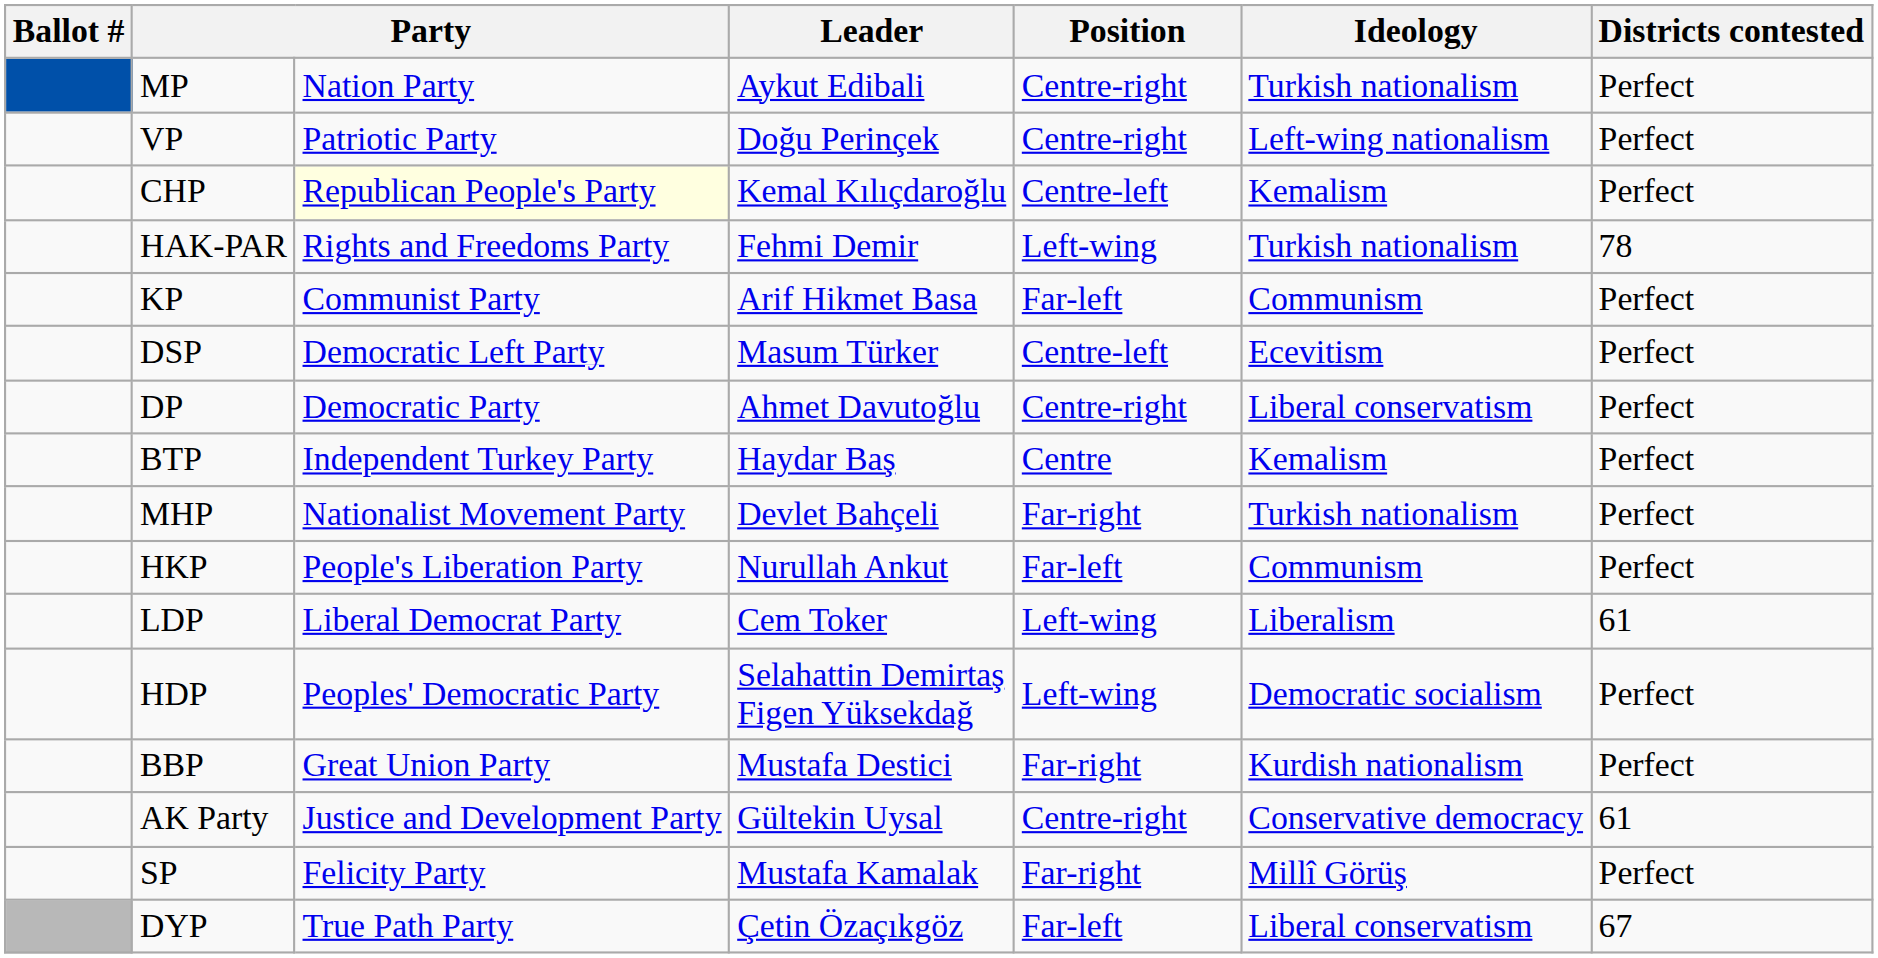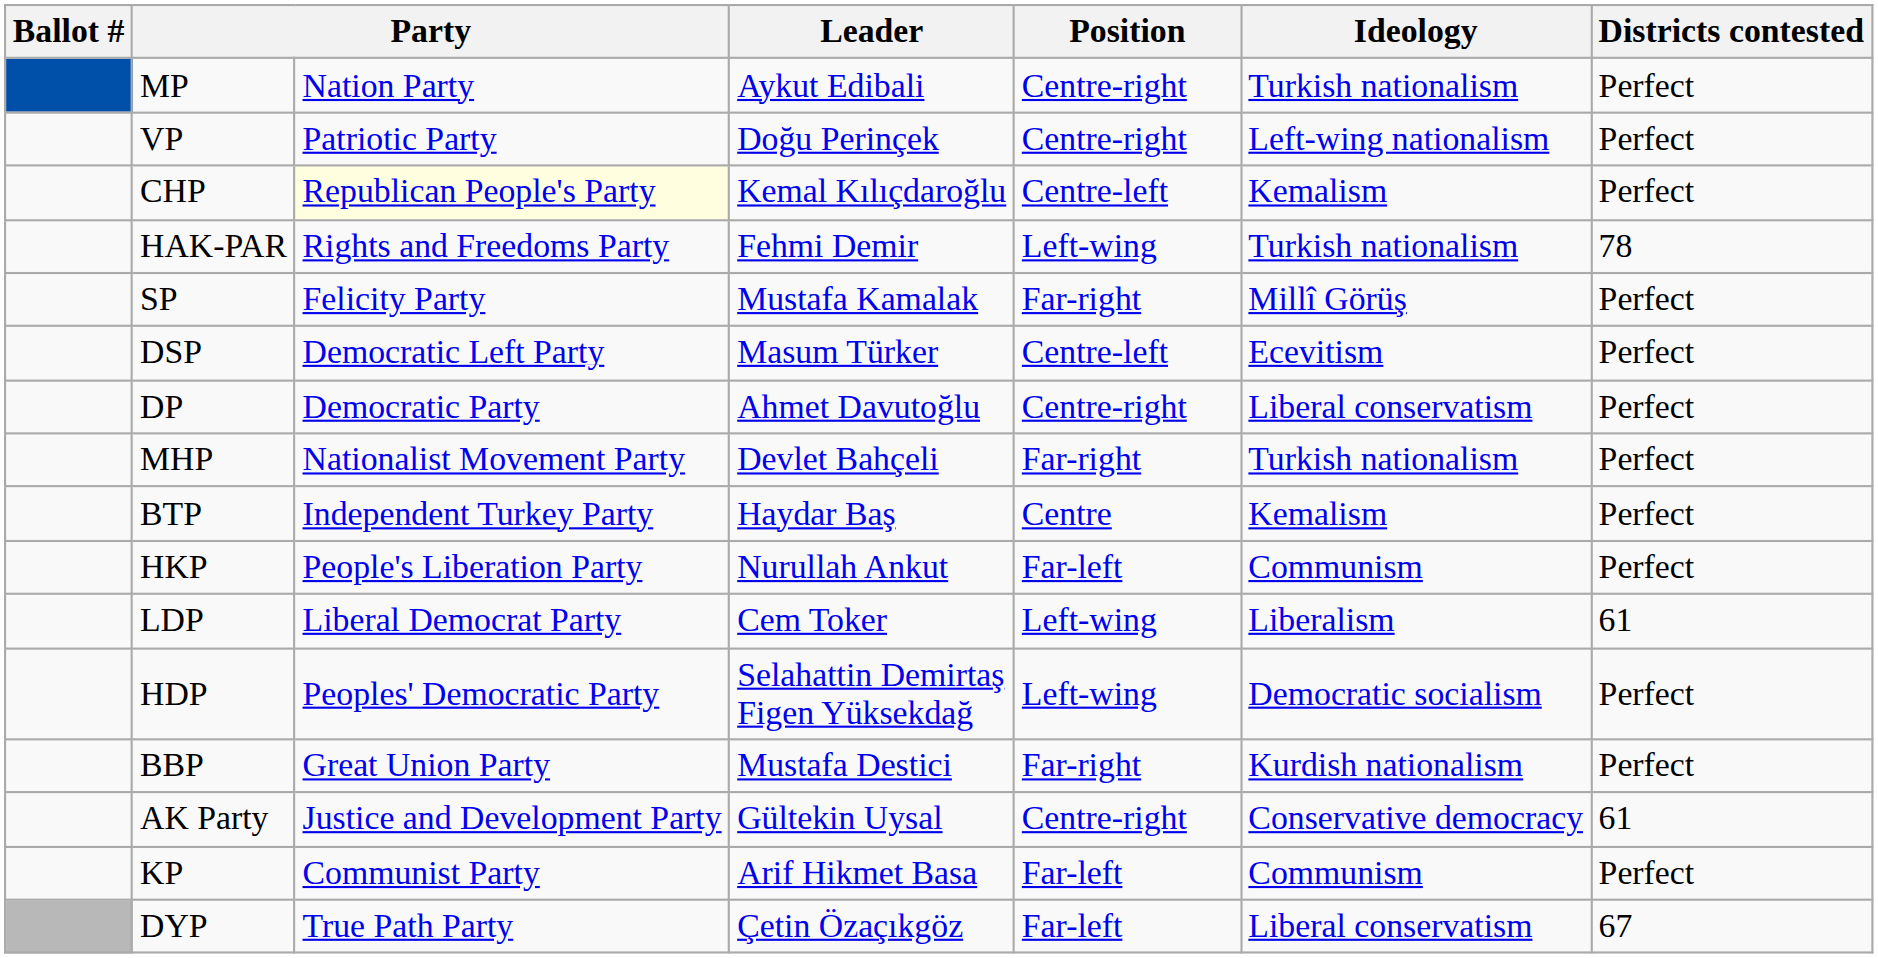 <table class="wikitable">
 <tr>
 <th>Ballot #</th>
 <th colspan="2">Party</th>
 <th>Leader</th>
 <th style="width:100px;">Position</th>
 <th>Ideology</th>
 <th>Districts contested</th>
 </tr>
 <tr>
 <td style="background: #0050A9"></td>
 <td>MP</td>
 <td><a href='#'>Nation Party</a></td>
 <td><a href='#'>Aykut Edibali</a></td>
 <td><a href='#'>Centre-right</a></td>
 <td><a href='#'>Turkish nationalism</a></td>
 <td>Perfect</td>
 </tr>
 <tr>
 <td style="background: "></td>
 <td>VP</td>
 <td><a href='#'>Patriotic Party</a></td>
 <td><a href='#'>Doğu Perinçek</a></td>
 <td><a href='#'>Centre-right</a></td>
 <td><a href='#'>Left-wing nationalism</a></td>
 <td>Perfect</td>
 </tr>
 <tr>
 <td style="background: "></td>
 <td>CHP</td>
 <td style="background: lightyellow;"><a href='#'>Republican People's Party</a></td>
 <td><a href='#'>Kemal Kılıçdaroğlu</a></td>
 <td><a href='#'>Centre-left</a></td>
 <td><a href='#'>Kemalism</a></td>
 <td>Perfect</td>
 </tr>
 <tr>
 <td style="background: "></td>
 <td>HAK-PAR</td>
 <td><a href='#'>Rights and Freedoms Party</a></td>
 <td><a href='#'>Fehmi Demir</a></td>
 <td><a href='#'>Left-wing</a></td>
 <td><a href='#'>Turkish nationalism</a></td>
 <td>78</td>
 </tr>
 <tr>
 <td style="background: "></td>
-<td>KP</td>
-<td><a href='#'>Communist Party</a></td>
-<td><a href='#'>Arif Hikmet Basa</a></td>
-<td><a href='#'>Far-left</a></td>
-<td><a href='#'>Communism</a></td>
+<td>SP</td>
+<td><a href='#'>Felicity Party</a></td>
+<td><a href='#'>Mustafa Kamalak</a></td>
+<td><a href='#'>Far-right</a></td>
+<td><a href='#'>Millî Görüş</a></td>
 <td>Perfect</td>
 </tr>
 <tr>
 <td style="background: "></td>
 <td>DSP</td>
 <td><a href='#'>Democratic Left Party</a></td>
 <td><a href='#'>Masum Türker</a></td>
 <td><a href='#'>Centre-left</a></td>
 <td><a href='#'>Ecevitism</a></td>
 <td>Perfect</td>
 </tr>
 <tr>
 <td style="background: "></td>
 <td>DP</td>
 <td><a href='#'>Democratic Party</a></td>
 <td><a href='#'>Ahmet Davutoğlu</a></td>
 <td><a href='#'>Centre-right</a></td>
 <td><a href='#'>Liberal conservatism</a></td>
 <td>Perfect</td>
 </tr>
 <tr>
 <td style="background: "></td>
+<td>MHP</td>
+<td><a href='#'>Nationalist Movement Party</a></td>
+<td><a href='#'>Devlet Bahçeli</a></td>
+<td><a href='#'>Far-right</a></td>
+<td><a href='#'>Turkish nationalism</a></td>
+<td>Perfect</td>
+</tr>
+<tr>
+<td style="background: "></td>
 <td>BTP</td>
 <td><a href='#'>Independent Turkey Party</a></td>
 <td><a href='#'>Haydar Baş</a></td>
 <td><a href='#'>Centre</a></td>
 <td><a href='#'>Kemalism</a></td>
-<td>Perfect</td>
-</tr>
-<tr>
-<td style="background: "></td>
-<td>MHP</td>
-<td><a href='#'>Nationalist Movement Party</a></td>
-<td><a href='#'>Devlet Bahçeli</a></td>
-<td><a href='#'>Far-right</a></td>
-<td><a href='#'>Turkish nationalism</a></td>
 <td>Perfect</td>
 </tr>
 <tr>
 <td style="background: "></td>
 <td>HKP</td>
 <td><a href='#'>People's Liberation Party</a></td>
 <td><a href='#'>Nurullah Ankut</a></td>
 <td><a href='#'>Far-left</a></td>
 <td><a href='#'>Communism</a></td>
 <td>Perfect</td>
 </tr>
 <tr>
 <td style="background:"></td>
 <td>LDP</td>
 <td><a href='#'>Liberal Democrat Party</a></td>
 <td><a href='#'>Cem Toker</a></td>
 <td><a href='#'>Left-wing</a></td>
 <td><a href='#'>Liberalism</a></td>
 <td>61</td>
 </tr>
 <tr>
 <td style="background: "></td>
 <td>HDP</td>
 <td><a href='#'>Peoples' Democratic Party</a></td>
 <td><a href='#'>Selahattin Demirtaş</a><br><a href='#'>Figen Yüksekdağ</a></td>
 <td><a href='#'>Left-wing</a></td>
 <td><a href='#'>Democratic socialism</a></td>
 <td>Perfect</td>
 </tr>
 <tr>
 <td style="background: "></td>
 <td>BBP</td>
 <td><a href='#'>Great Union Party</a></td>
 <td><a href='#'>Mustafa Destici</a></td>
 <td><a href='#'>Far-right</a></td>
 <td><a href='#'>Kurdish nationalism</a></td>
 <td>Perfect</td>
 </tr>
 <tr>
 <td style="background: "></td>
 <td>AK Party</td>
 <td><a href='#'>Justice and Development Party</a></td>
 <td><a href='#'>Gültekin Uysal</a></td>
 <td><a href='#'>Centre-right</a></td>
 <td><a href='#'>Conservative democracy</a></td>
 <td>61</td>
 </tr>
 <tr>
 <td style="background: "></td>
-<td>SP</td>
-<td><a href='#'>Felicity Party</a></td>
-<td><a href='#'>Mustafa Kamalak</a></td>
-<td><a href='#'>Far-right</a></td>
-<td><a href='#'>Millî Görüş</a></td>
+<td>KP</td>
+<td><a href='#'>Communist Party</a></td>
+<td><a href='#'>Arif Hikmet Basa</a></td>
+<td><a href='#'>Far-left</a></td>
+<td><a href='#'>Communism</a></td>
 <td>Perfect</td>
 </tr>
 <tr>
 <td style="background:#b8b8b8;"></td>
 <td>DYP</td>
 <td><a href='#'>True Path Party</a></td>
 <td><a href='#'>Çetin Özaçıkgöz</a></td>
 <td><a href='#'>Far-left</a></td>
 <td><a href='#'>Liberal conservatism</a></td>
 <td>67</td>
 </tr>
 </table>
